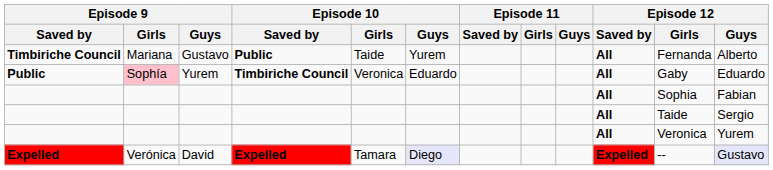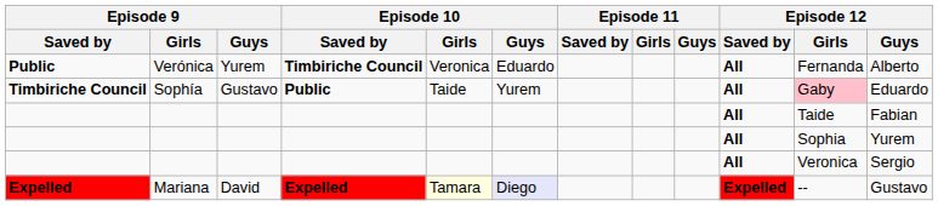 <table class="wikitable">
 <tr>
 <th colspan=3><strong>Episode 9</strong></th>
 <th colspan=3><strong>Episode 10</strong></th>
 <th colspan=3><strong>Episode 11</strong></th>
 <th colspan=3><strong>Episode 12</strong></th>
 </tr>
 <tr>
 <th>Saved by</th>
 <th>Girls</th>
 <th>Guys</th>
 <th>Saved by</th>
 <th>Girls</th>
 <th>Guys</th>
 <th>Saved by</th>
 <th>Girls</th>
 <th>Guys</th>
 <th>Saved by</th>
 <th>Girls</th>
 <th>Guys</th>
 </tr>
 <tr>
+<td><strong>Public</strong></td>
+<td>Verónica</td>
+<td>Yurem</td>
 <td><strong>Timbiriche Council</strong></td>
-<td>Mariana</td>
+<td>Veronica</td>
+<td>Eduardo</td>
+<td></td>
+<td></td>
+<td></td>
+<td><strong>All</strong></td>
+<td>Fernanda</td>
+<td>Alberto</td>
+</tr>
+<tr>
+<td><strong>Timbiriche Council</strong></td>
+<td>Sophía</td>
 <td>Gustavo</td>
 <td><strong>Public</strong></td>
 <td>Taide</td>
 <td>Yurem</td>
 <td></td>
 <td></td>
 <td></td>
 <td><strong>All</strong></td>
-<td>Fernanda</td>
-<td>Alberto</td>
-</tr>
-<tr>
-<td><strong>Public</strong></td>
-<td style="background: pink;">Sophía</td>
-<td>Yurem</td>
-<td><strong>Timbiriche Council</strong></td>
-<td>Veronica</td>
-<td>Eduardo</td>
-<td></td>
-<td></td>
-<td></td>
-<td><strong>All</strong></td>
-<td>Gaby</td>
+<td style="background: pink;">Gaby</td>
 <td>Eduardo</td>
 </tr>
 <tr>
 <td></td>
 <td></td>
 <td></td>
 <td></td>
 <td></td>
 <td></td>
 <td></td>
 <td></td>
 <td></td>
 <td><strong>All</strong></td>
-<td>Sophia</td>
+<td>Taide</td>
 <td>Fabian</td>
 </tr>
 <tr>
 <td></td>
 <td></td>
 <td></td>
 <td></td>
 <td></td>
 <td></td>
 <td></td>
 <td></td>
 <td></td>
 <td><strong>All</strong></td>
-<td>Taide</td>
-<td>Sergio</td>
+<td>Sophia</td>
+<td>Yurem</td>
 </tr>
 <tr>
 <td></td>
 <td></td>
 <td></td>
 <td></td>
 <td></td>
 <td></td>
 <td></td>
 <td></td>
 <td></td>
 <td><strong>All</strong></td>
 <td>Veronica</td>
-<td>Yurem</td>
+<td>Sergio</td>
 </tr>
 <tr>
 <td style="background:#FF0000"><strong>Expelled</strong></td>
-<td>Verónica</td>
+<td>Mariana</td>
 <td>David</td>
 <td style="background:#FF0000"><strong>Expelled</strong></td>
-<td>Tamara</td>
+<td style="background: lightyellow;">Tamara</td>
 <td style="background: lavender;">Diego</td>
 <td></td>
 <td></td>
 <td></td>
 <td style="background:#FF0000"><strong>Expelled</strong></td>
 <td>--</td>
-<td style="background: lavender;">Gustavo</td>
+<td>Gustavo</td>
 </tr>
 </table>
